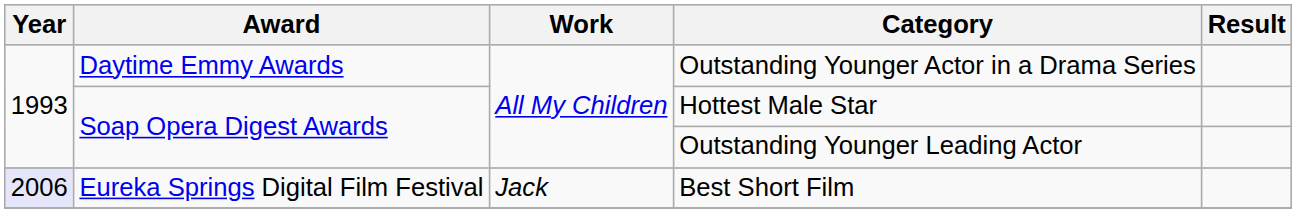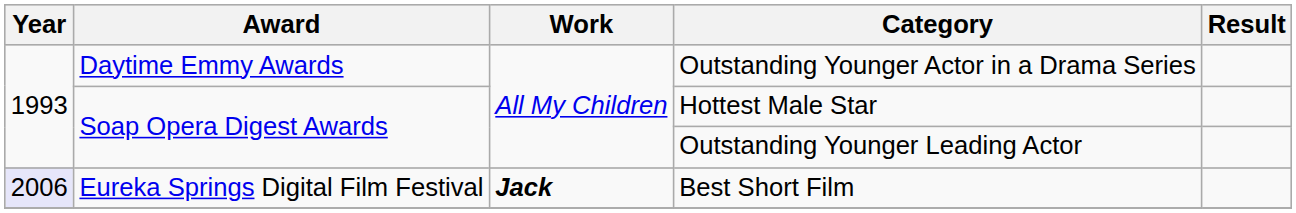 <table class="wikitable">
 <tr>
 <th>Year</th>
 <th>Award</th>
 <th>Work</th>
 <th>Category</th>
 <th>Result</th>
 </tr>
 <tr>
 <td rowspan=3>1993</td>
 <td><a href='#'>Daytime Emmy Awards</a></td>
 <td rowspan=3><em><a href='#'>All My Children</a></em></td>
 <td>Outstanding Younger Actor in a Drama Series</td>
 <td></td>
 </tr>
 <tr>
 <td rowspan=2><a href='#'>Soap Opera Digest Awards</a></td>
 <td>Hottest Male Star</td>
 <td></td>
 </tr>
 <tr>
 <td>Outstanding Younger Leading Actor</td>
 <td></td>
 </tr>
 <tr>
 <td style="background: lavender;">2006</td>
 <td><a href='#'>Eureka Springs</a> Digital Film Festival</td>
-<td><em>Jack</em></td>
+<td><strong><em>Jack</em></strong></td>
 <td>Best Short Film</td>
 <td></td>
 </tr>
 <tr>
 </tr>
 </table>
